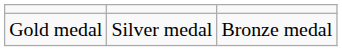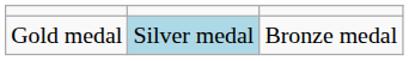 <table class="wikitable" style="text-align: center;">
 <tr>
 <td></td>
 <td></td>
 <td></td>
 </tr>
 <tr>
 <td>Gold medal</td>
-<td>Silver medal</td>
+<td style="background: lightblue;">Silver medal</td>
 <td>Bronze medal</td>
 </tr>
 </table>
